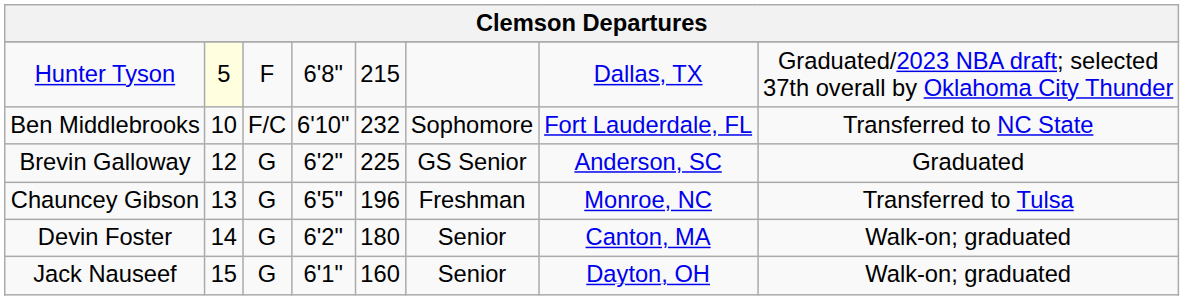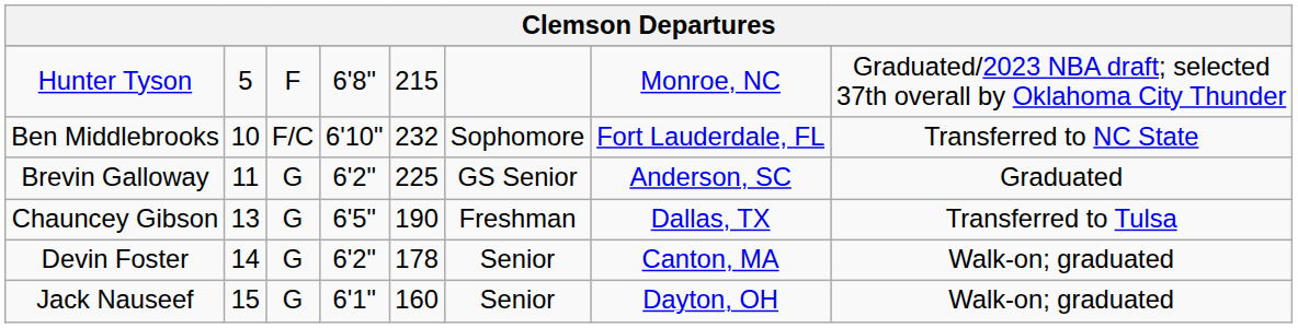 <table class="wikitable sortable" border="1" style="text-align: center;">
 <tr>
 <th colspan=8>Clemson Departures</th>
 </tr>
 <tr align=center>
 </tr>
 <tr>
 <td><a href='#'>Hunter Tyson</a></td>
-<td style="background: lightyellow;">5</td>
+<td>5</td>
 <td>F</td>
 <td>6'8"</td>
 <td>215</td>
 <td></td>
-<td><a href='#'>Dallas, TX</a></td>
+<td><a href='#'>Monroe, NC</a></td>
 <td>Graduated/<a href='#'>2023 NBA draft</a>; selected<br>37th overall by <a href='#'>Oklahoma City Thunder</a></td>
 </tr>
 <tr>
 <td>Ben Middlebrooks</td>
 <td>10</td>
 <td>F/C</td>
 <td>6'10"</td>
 <td>232</td>
 <td>Sophomore</td>
 <td><a href='#'>Fort Lauderdale, FL</a></td>
 <td>Transferred to <a href='#'>NC State</a></td>
 </tr>
 <tr>
 <td>Brevin Galloway</td>
-<td>12</td>
+<td>11</td>
 <td>G</td>
 <td>6'2"</td>
 <td>225</td>
 <td>GS Senior</td>
 <td><a href='#'>Anderson, SC</a></td>
 <td>Graduated</td>
 </tr>
 <tr>
 <td>Chauncey Gibson</td>
 <td>13</td>
 <td>G</td>
 <td>6'5"</td>
-<td>196</td>
+<td>190</td>
 <td>Freshman</td>
-<td><a href='#'>Monroe, NC</a></td>
+<td><a href='#'>Dallas, TX</a></td>
 <td>Transferred to <a href='#'>Tulsa</a></td>
 </tr>
 <tr>
 <td>Devin Foster</td>
 <td>14</td>
 <td>G</td>
 <td>6'2"</td>
-<td>180</td>
+<td>178</td>
 <td>Senior</td>
 <td><a href='#'>Canton, MA</a></td>
 <td>Walk-on; graduated</td>
 </tr>
 <tr>
 <td>Jack Nauseef</td>
 <td>15</td>
 <td>G</td>
 <td>6'1"</td>
 <td>160</td>
 <td>Senior</td>
 <td><a href='#'>Dayton, OH</a></td>
 <td>Walk-on; graduated</td>
 </tr>
 </table>
